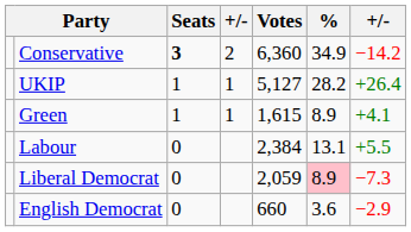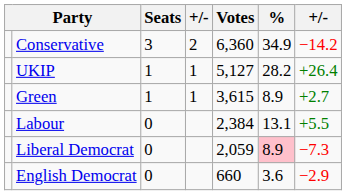 <table class="wikitable">
 <tr>
 <th colspan="2">Party</th>
 <th>Seats</th>
 <th>+/-</th>
 <th>Votes</th>
 <th>%</th>
 <th>+/-</th>
 </tr>
 <tr>
 <td style="background-color: "></td>
 <td><a href='#'>Conservative</a></td>
-<td><strong>3</strong></td>
+<td>3</td>
 <td>2</td>
 <td>6,360</td>
 <td>34.9</td>
 <td style="color:red">−14.2</td>
 </tr>
 <tr>
 <td style="background-color: "></td>
 <td><a href='#'>UKIP</a></td>
 <td>1</td>
 <td>1</td>
 <td>5,127</td>
 <td>28.2</td>
 <td style="color:green">+26.4</td>
 </tr>
 <tr>
 <td style="background-color: "></td>
 <td><a href='#'>Green</a></td>
 <td>1</td>
 <td>1</td>
-<td>1,615</td>
+<td>3,615</td>
 <td>8.9</td>
-<td style="color:green">+4.1</td>
+<td style="color:green">+2.7</td>
 </tr>
 <tr>
 <td style="background-color: "></td>
 <td><a href='#'>Labour</a></td>
 <td>0</td>
 <td></td>
 <td>2,384</td>
 <td>13.1</td>
 <td style="color:green">+5.5</td>
 </tr>
 <tr>
 <td style="background-color: "></td>
 <td><a href='#'>Liberal Democrat</a></td>
 <td>0</td>
 <td></td>
 <td>2,059</td>
 <td style="background: pink;">8.9</td>
 <td style="color:red">−7.3</td>
 </tr>
 <tr>
 <td style="background-color: "></td>
 <td><a href='#'>English Democrat</a></td>
 <td>0</td>
 <td></td>
 <td>660</td>
 <td>3.6</td>
 <td style="color:red">−2.9</td>
 </tr>
 </table>
